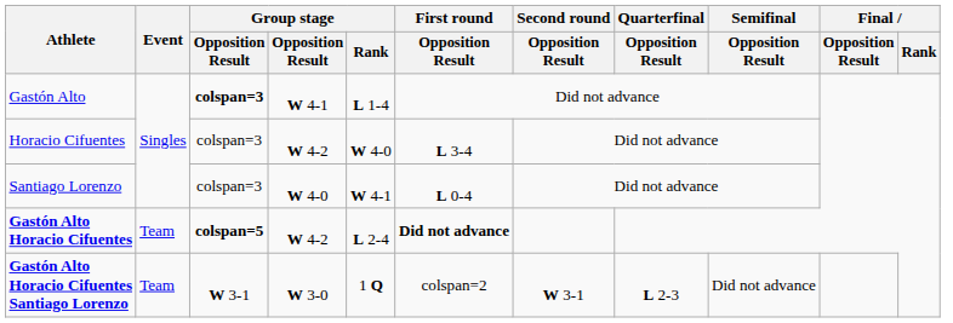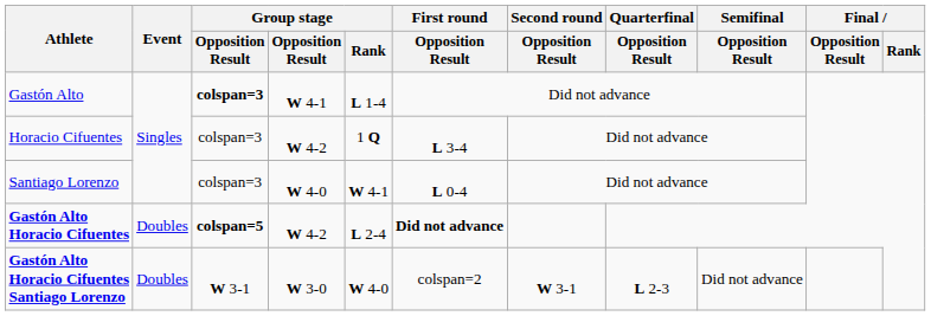 <table class=wikitable style=font-size:90%;text-align:center>
 <tr>
 <th rowspan=2>Athlete</th>
 <th rowspan=2>Event</th>
 <th colspan=3>Group stage</th>
 <th>First round</th>
 <th>Second round</th>
 <th>Quarterfinal</th>
 <th>Semifinal</th>
 <th colspan=2>Final / </th>
 </tr>
 <tr style=font-size:95%>
 <th>Opposition<br>Result</th>
 <th>Opposition<br>Result</th>
 <th>Rank</th>
 <th>Opposition<br>Result</th>
 <th>Opposition<br>Result</th>
 <th>Opposition<br>Result</th>
 <th>Opposition<br>Result</th>
 <th>Opposition<br>Result</th>
 <th>Rank</th>
 </tr>
 <tr>
 <td align=left><a href='#'>Gastón Alto</a></td>
 <td align=left rowspan=3><a href='#'>Singles</a></td>
 <td><strong>colspan=3 </strong></td>
 <td><br><strong>W</strong> 4-1</td>
 <td><br><strong>L</strong> 1-4</td>
 <td colspan=4>Did not advance</td>
 </tr>
 <tr>
 <td align=left><a href='#'>Horacio Cifuentes</a></td>
 <td>colspan=3 </td>
 <td><br><strong>W</strong> 4-2</td>
-<td><br><strong>W</strong> 4-0</td>
+<td>1 <strong>Q</strong></td>
 <td><br><strong>L</strong> 3-4</td>
 <td colspan=3>Did not advance</td>
 </tr>
 <tr>
 <td align=left><a href='#'>Santiago Lorenzo</a></td>
 <td>colspan=3 </td>
 <td><br><strong>W</strong> 4-0</td>
 <td><br><strong>W</strong> 4-1</td>
 <td><br><strong>L</strong> 0-4</td>
 <td colspan=3>Did not advance</td>
 </tr>
 <tr>
 <td align=left><strong><a href='#'>Gastón Alto</a><br><a href='#'>Horacio Cifuentes</a></strong></td>
-<td align=left><a href='#'>Team</a></td>
+<td align=left><a href='#'>Doubles</a></td>
 <td><strong>colspan=5 </strong></td>
 <td><br><strong>W</strong> 4-2</td>
 <td><br><strong>L</strong> 2-4</td>
 <td><strong>Did not advance</strong></td>
 <td></td>
 </tr>
 <tr>
 <td align=left><strong><a href='#'>Gastón Alto</a><br><a href='#'>Horacio Cifuentes</a><br><a href='#'>Santiago Lorenzo</a></strong></td>
-<td align=left><a href='#'>Team</a></td>
+<td align=left><a href='#'>Doubles</a></td>
 <td><br><strong>W</strong> 3-1</td>
 <td><br><strong>W</strong> 3-0</td>
-<td>1 <strong>Q</strong></td>
+<td><br><strong>W</strong> 4-0</td>
 <td>colspan=2 </td>
 <td><br><strong>W</strong> 3-1</td>
 <td><br><strong>L</strong> 2-3</td>
 <td>Did not advance</td>
 <td></td>
 </tr>
 </table>
